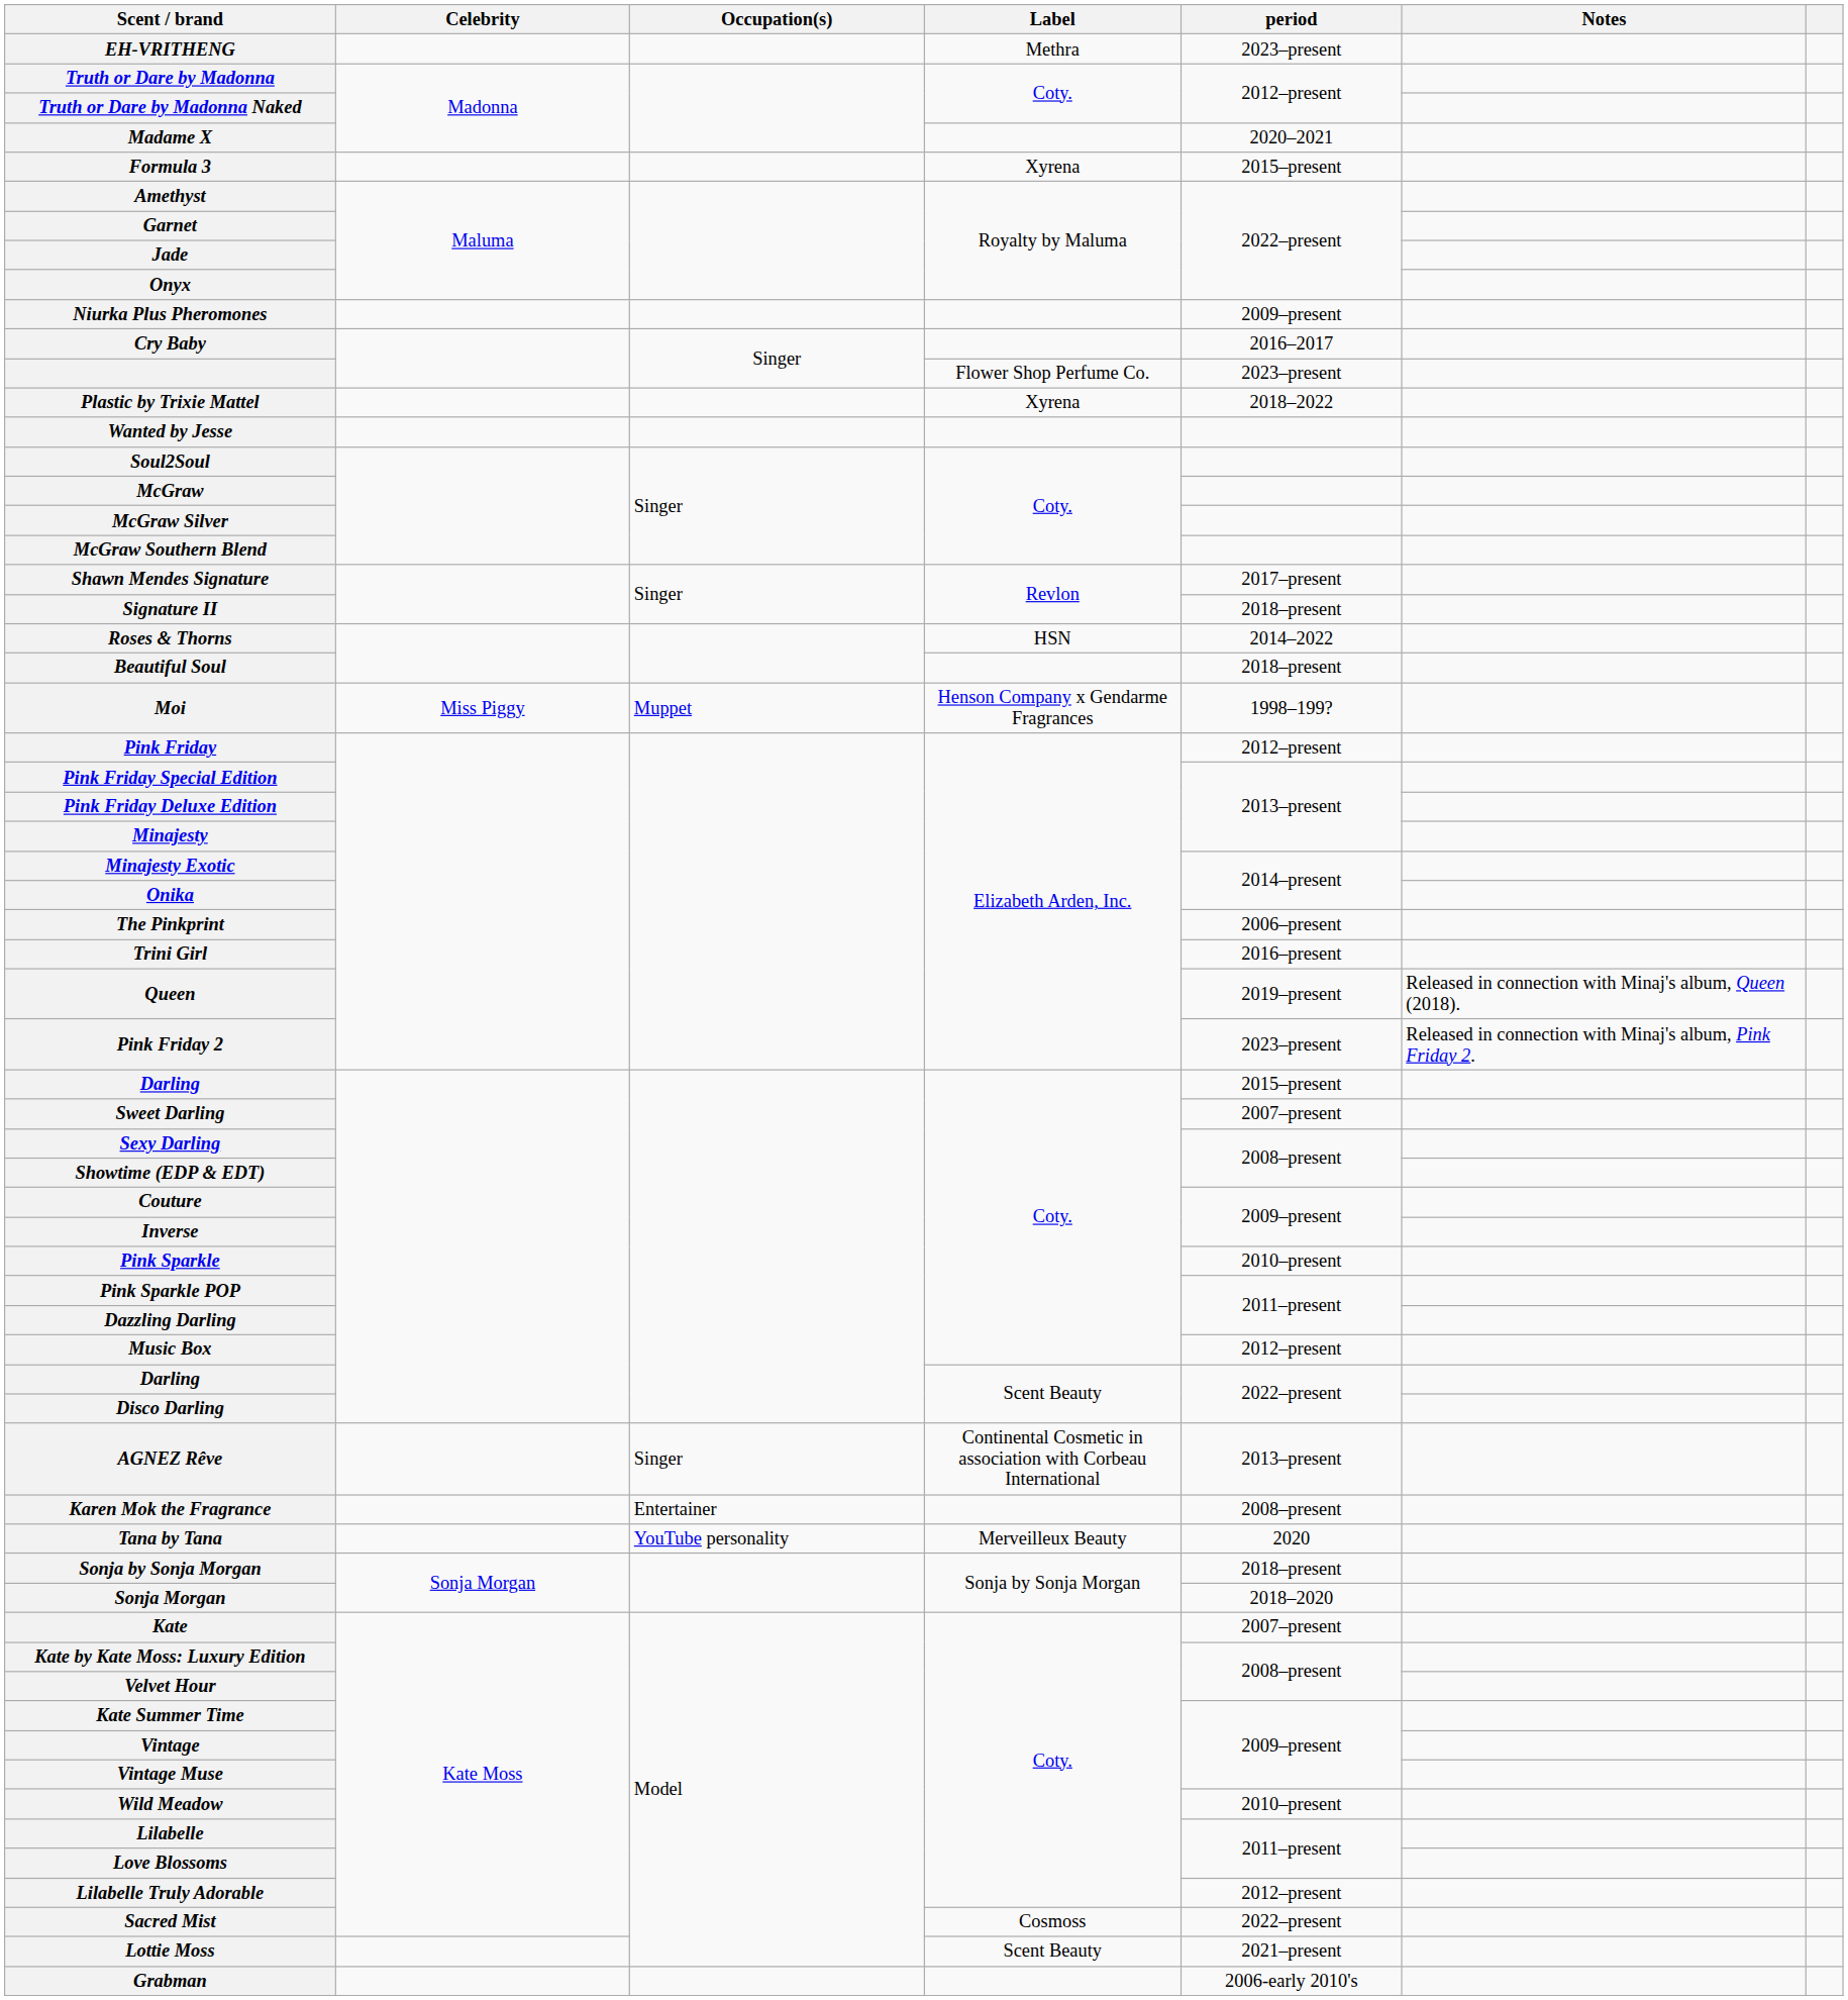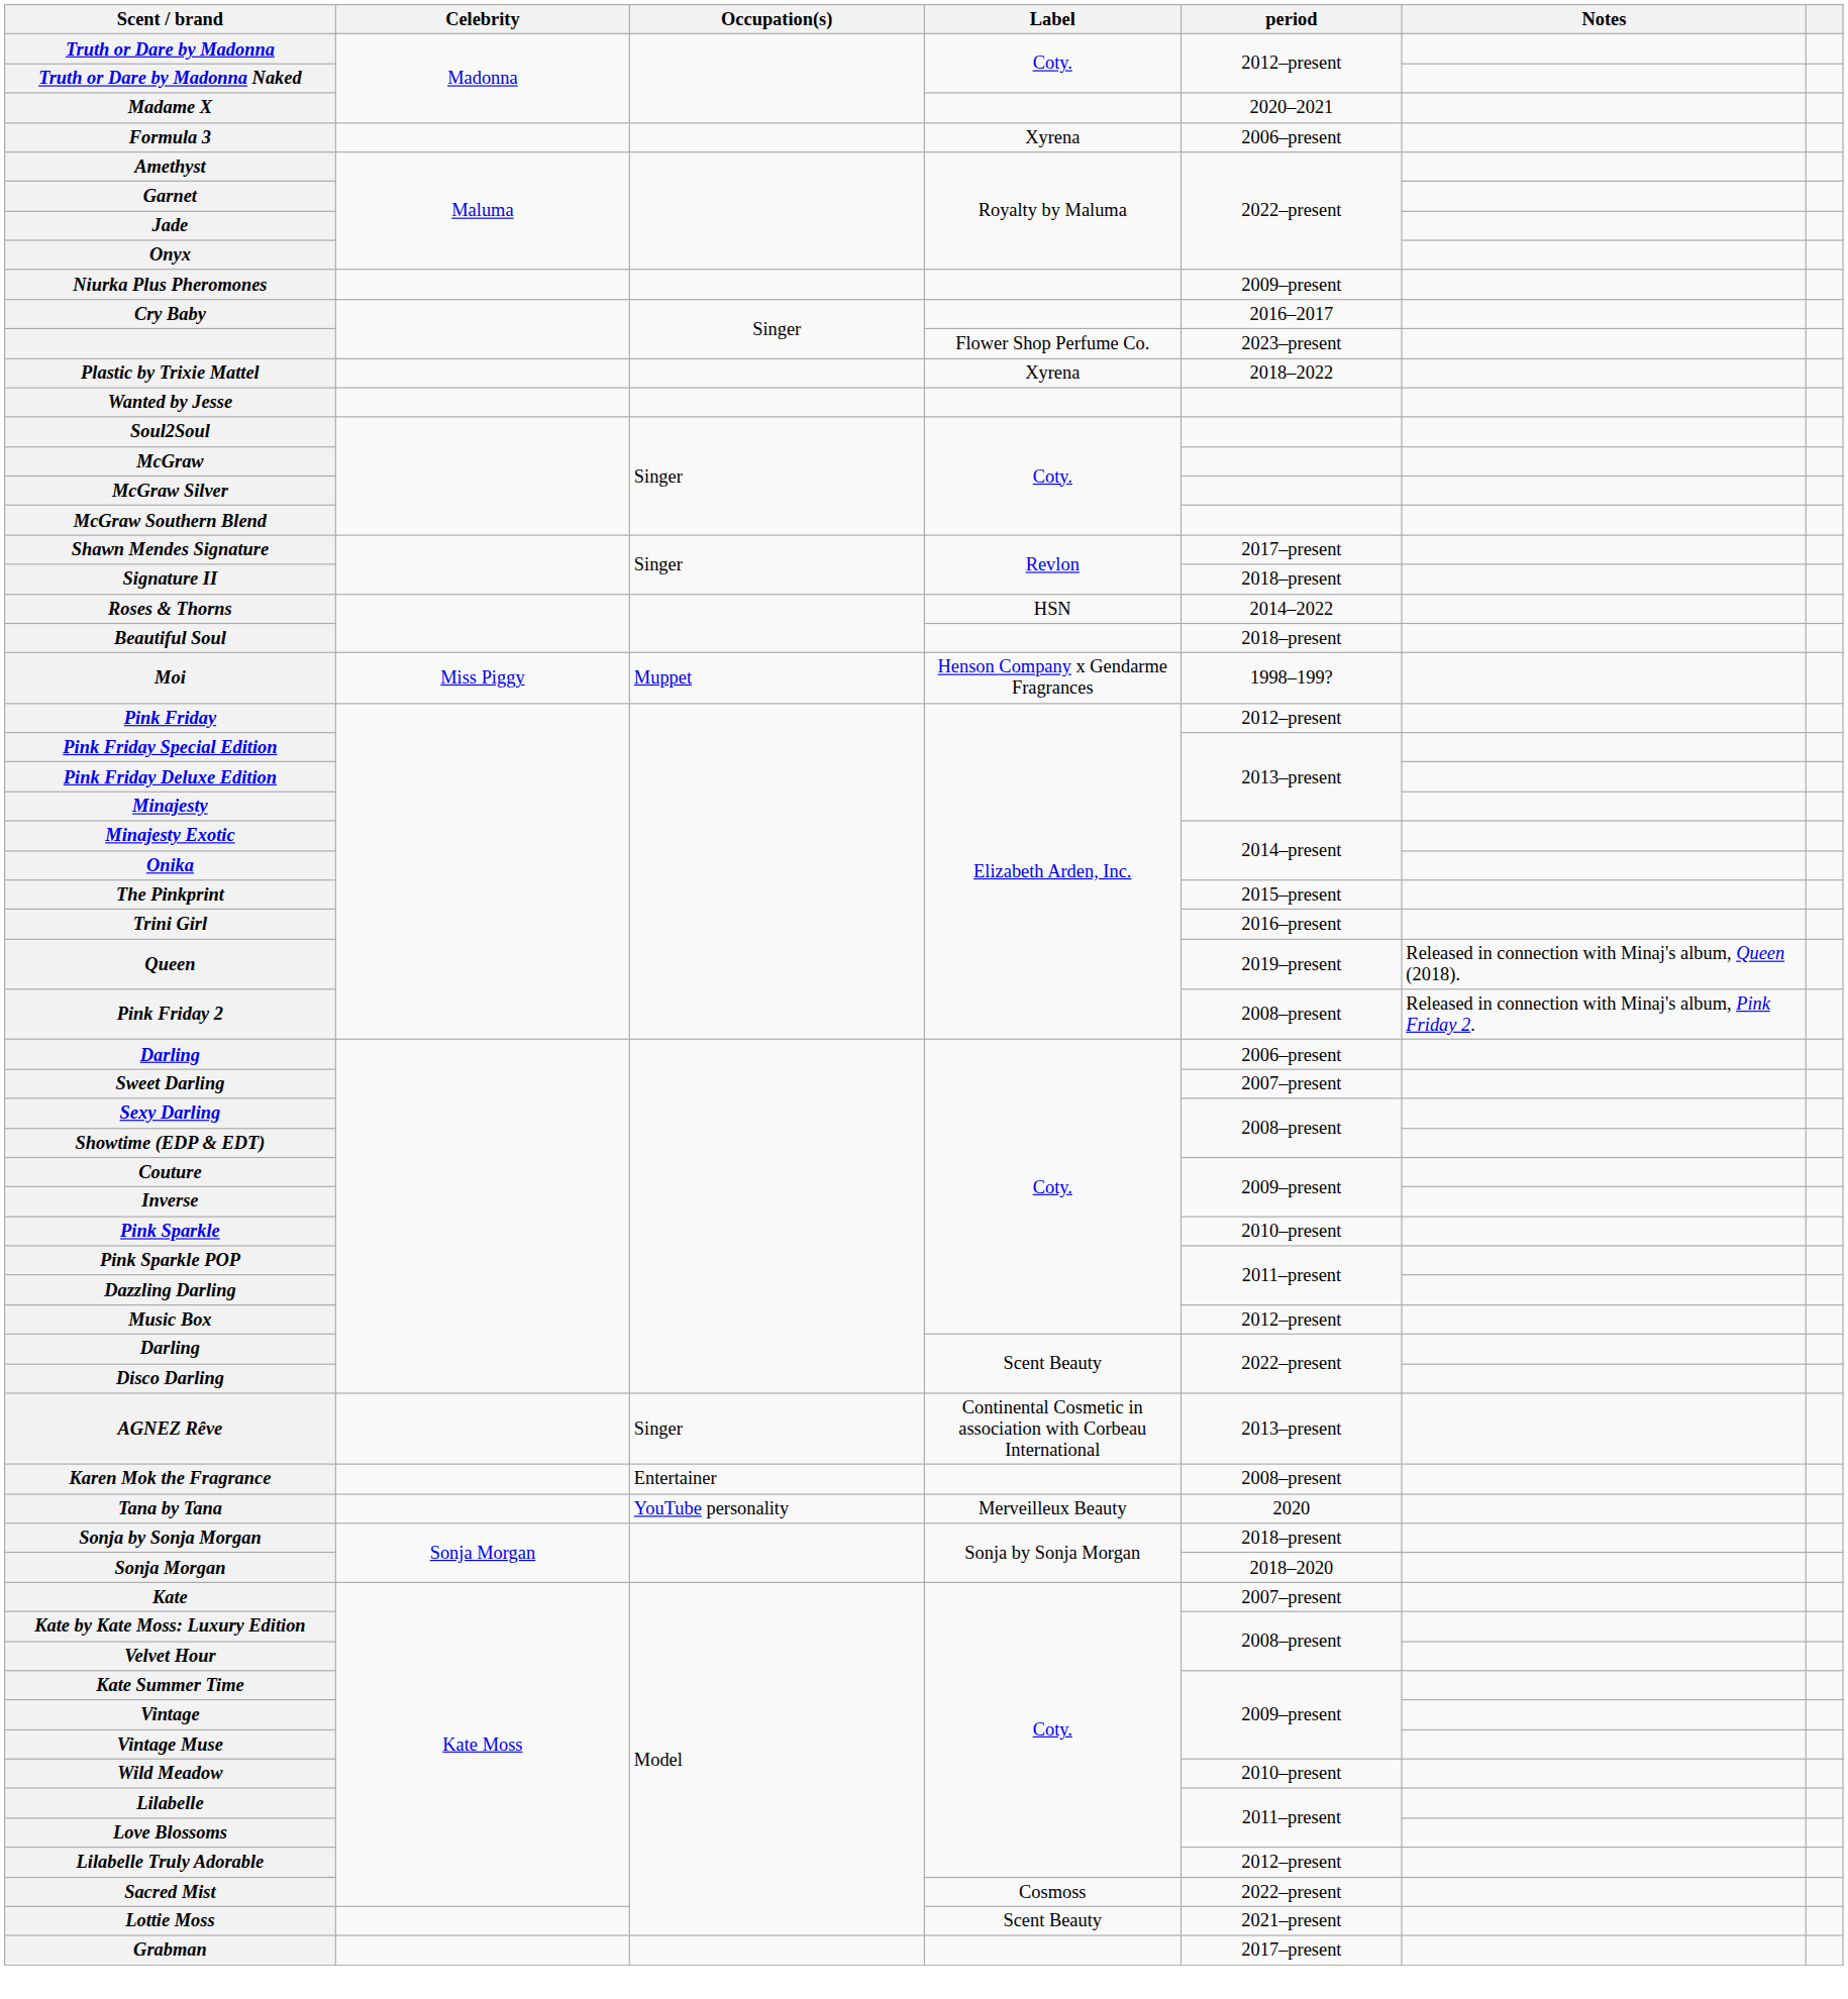 <table class="wikitable sortable plainrowheaders" font-size:95%; style="text-align:center;" width="100%;">
 <tr>
 <th scope="col" width="18%">Scent / brand</th>
 <th scope="col" width:"16%">Celebrity</th>
 <th scope="col" width="16%">Occupation(s)</th>
 <th scope="col" width="14%">Label</th>
 <th scope="col" width="12%"> period</th>
 <th scope="col" width="22%;" class="unsortable">Notes</th>
 <th scope="col" width="2%;" class="unsortable"></th>
-</tr>
-<tr>
-<th scope="row"><em>EH-VRITHENG</em></th>
-<td></td>
-<td></td>
-<td>Methra</td>
-<td>2023–present</td>
-<td style="text-align:left;"></td>
-<td></td>
 </tr>
 <tr>
 <th scope="row"><em><a href='#'>Truth or Dare by Madonna</a></em></th>
 <td rowspan="3"><a href='#'>Madonna</a></td>
 <td rowspan="3"></td>
 <td rowspan="2"><a href='#'>Coty.</a></td>
 <td rowspan="2">2012–present</td>
 <td style="text-align:left;"></td>
 <td></td>
 </tr>
 <tr>
 <th scope="row"><em><a href='#'>Truth or Dare by Madonna</a> Naked</em></th>
 <td style="text-align:left;"></td>
 <td></td>
 </tr>
 <tr>
 <th scope="row"><em>Madame X</em></th>
 <td></td>
 <td>2020–2021</td>
 <td style="text-align:left;"></td>
 <td></td>
 </tr>
 <tr>
 <th scope="row"><em>Formula 3</em></th>
 <td></td>
 <td></td>
 <td>Xyrena</td>
-<td>2015–present</td>
+<td>2006–present</td>
 <td style="text-align:left;"></td>
 <td></td>
 </tr>
 <tr>
 <th scope="row"><em>Amethyst</em></th>
 <td rowspan="4"><a href='#'>Maluma</a></td>
 <td rowspan="4"></td>
 <td rowspan="4">Royalty by Maluma</td>
 <td rowspan="4">2022–present</td>
 <td style="text-align:left;"></td>
 <td></td>
 </tr>
 <tr>
 <th scope="row"><em>Garnet</em></th>
 <td style="text-align:left;"></td>
 <td></td>
 </tr>
 <tr>
 <th scope="row"><em>Jade</em></th>
 <td style="text-align:left;"></td>
 <td></td>
 </tr>
 <tr>
 <th scope="row"><em>Onyx</em></th>
 <td style="text-align:left;"></td>
 <td></td>
 </tr>
 <tr>
 <th scope="row"><em>Niurka Plus Pheromones</em></th>
 <td></td>
 <td></td>
 <td></td>
 <td>2009–present</td>
 <td style="text-align:left;"></td>
 <td></td>
 </tr>
 <tr>
 <th scope="row"><em>Cry Baby</em></th>
 <td rowspan="2"></td>
 <td rowspan="2">Singer</td>
 <td></td>
 <td>2016–2017</td>
 <td style="text-align:left;"></td>
 <td></td>
 </tr>
 <tr>
 <th scope="row"></th>
 <td>Flower Shop Perfume Co.</td>
 <td>2023–present</td>
 <td style="text-align:left;"></td>
 <td></td>
 </tr>
 <tr>
 <th scope="row"><em>Plastic by Trixie Mattel</em></th>
 <td></td>
 <td></td>
 <td>Xyrena</td>
 <td>2018–2022</td>
 <td style="text-align:left;"></td>
 <td></td>
 </tr>
 <tr>
 <th scope="row"><em>Wanted by Jesse</em></th>
 <td></td>
 <td></td>
 <td></td>
 <td></td>
 <td style="text-align:left;"></td>
 <td></td>
 </tr>
 <tr>
 <th scope="row"><em>Soul2Soul</em></th>
 <td rowspan="4"></td>
 <td rowspan="4" style="text-align:left;">Singer</td>
 <td rowspan="4"><a href='#'>Coty.</a></td>
 <td></td>
 <td style="text-align:left;"></td>
 <td></td>
 </tr>
 <tr>
 <th scope="row"><em>McGraw</em></th>
 <td></td>
 <td style="text-align:left;"></td>
 <td></td>
 </tr>
 <tr>
 <th scope="row"><em>McGraw Silver</em></th>
 <td></td>
 <td style="text-align:left;"></td>
 <td></td>
 </tr>
 <tr>
 <th scope="row"><em>McGraw Southern Blend</em></th>
 <td></td>
 <td style="text-align:left;"></td>
 <td></td>
 </tr>
 <tr>
 <th scope="row"><em>Shawn Mendes Signature</em></th>
 <td rowspan="2"></td>
 <td rowspan="2" style="text-align:left;">Singer</td>
 <td rowspan="2"><a href='#'>Revlon</a></td>
 <td>2017–present</td>
 <td style="text-align:left;"></td>
 <td></td>
 </tr>
 <tr>
 <th scope="row"><em>Signature II</em></th>
 <td>2018–present</td>
 <td style="text-align:left;"></td>
 <td></td>
 </tr>
 <tr>
 <th scope="row"><em>Roses & Thorns</em></th>
 <td rowspan="2"></td>
 <td rowspan="2"></td>
 <td>HSN</td>
 <td>2014–2022</td>
 <td style="text-align:left;"></td>
 <td></td>
 </tr>
 <tr>
 <th scope="row"><em>Beautiful Soul</em></th>
 <td></td>
 <td>2018–present</td>
 <td style="text-align:left;"></td>
 <td></td>
 </tr>
 <tr>
 <th scope="row"><em>Moi</em></th>
 <td><a href='#'>Miss Piggy</a></td>
 <td style="text-align:left;"><a href='#'>Muppet</a></td>
 <td><a href='#'>Henson Company</a> x Gendarme Fragrances</td>
 <td>1998–199?</td>
 <td style="text-align:left;"></td>
 <td></td>
 </tr>
 <tr>
 <th scope="row"><em><a href='#'>Pink Friday</a></em></th>
 <td rowspan="10"></td>
 <td rowspan="10"></td>
 <td rowspan="10"><a href='#'>Elizabeth Arden, Inc.</a></td>
 <td>2012–present</td>
 <td style="text-align:left;"></td>
 <td></td>
 </tr>
 <tr>
 <th scope="row"><em><a href='#'>Pink Friday Special Edition</a></em></th>
 <td rowspan="3">2013–present</td>
 <td style="text-align:left;"></td>
 <td></td>
 </tr>
 <tr>
 <th scope="row"><em><a href='#'>Pink Friday Deluxe Edition</a></em></th>
 <td style="text-align:left;"></td>
 <td></td>
 </tr>
 <tr>
 <th scope="row"><em><a href='#'>Minajesty</a></em></th>
 <td style="text-align:left;"></td>
 <td></td>
 </tr>
 <tr>
 <th scope="row"><em><a href='#'>Minajesty Exotic</a></em></th>
 <td rowspan="2">2014–present</td>
 <td style="text-align:left;"></td>
 <td></td>
 </tr>
 <tr>
 <th scope="row"><em><a href='#'>Onika</a></em></th>
 <td style="text-align:left;"></td>
 <td></td>
 </tr>
 <tr>
 <th scope="row"><em>The Pinkprint</em></th>
-<td>2006–present</td>
+<td>2015–present</td>
 <td style="text-align:left;"></td>
 <td></td>
 </tr>
 <tr>
 <th scope="row"><em>Trini Girl</em></th>
 <td>2016–present</td>
 <td style="text-align:left;"></td>
 <td></td>
 </tr>
 <tr>
 <th scope="row"><em>Queen</em></th>
 <td>2019–present</td>
 <td style="text-align:left;">Released in connection with Minaj's album, <em><a href='#'>Queen</a></em> (2018).</td>
 <td></td>
 </tr>
 <tr>
 <th scope="row"><em>Pink Friday 2</em></th>
-<td>2023–present</td>
+<td>2008–present</td>
 <td style="text-align:left;">Released in connection with Minaj's album, <em><a href='#'>Pink Friday 2</a></em>.</td>
 <td></td>
 </tr>
 <tr>
 <th scope="row"><em><a href='#'>Darling</a></em></th>
 <td rowspan="12"></td>
 <td rowspan="12"></td>
 <td rowspan="10"><a href='#'>Coty.</a></td>
-<td>2015–present</td>
+<td>2006–present</td>
 <td style="text-align:left;"></td>
 <td></td>
 </tr>
 <tr>
 <th scope="row"><em>Sweet Darling</em></th>
 <td>2007–present</td>
 <td style="text-align:left;"></td>
 <td></td>
 </tr>
 <tr>
 <th scope="row"><em><a href='#'>Sexy Darling</a></em></th>
 <td rowspan="2">2008–present</td>
 <td style="text-align:left;"></td>
 <td></td>
 </tr>
 <tr>
 <th scope="row"><em>Showtime (EDP & EDT)</em></th>
 <td style="text-align:left;"></td>
 <td></td>
 </tr>
 <tr>
 <th scope="row"><em>Couture</em></th>
 <td rowspan="2">2009–present</td>
 <td style="text-align:left;"></td>
 <td></td>
 </tr>
 <tr>
 <th scope="row"><em>Inverse</em></th>
 <td style="text-align:left;"></td>
 <td></td>
 </tr>
 <tr>
 <th scope="row"><em><a href='#'>Pink Sparkle</a></em></th>
 <td>2010–present</td>
 <td style="text-align:left;"></td>
 <td></td>
 </tr>
 <tr>
 <th scope="row"><em>Pink Sparkle POP</em></th>
 <td rowspan="2">2011–present</td>
 <td style="text-align:left;"></td>
 <td></td>
 </tr>
 <tr>
 <th scope="row"><em>Dazzling Darling</em></th>
 <td style="text-align:left;"></td>
 <td></td>
 </tr>
 <tr>
 <th scope="row"><em>Music Box</em></th>
 <td>2012–present</td>
 <td style="text-align:left;"></td>
 <td></td>
 </tr>
 <tr>
 <th scope="row"><em>Darling</em></th>
 <td rowspan="2">Scent Beauty</td>
 <td rowspan="2">2022–present</td>
 <td style="text-align:left;"></td>
 <td></td>
 </tr>
 <tr>
 <th scope="row"><em>Disco Darling</em></th>
 <td style="text-align:left;"></td>
 <td></td>
 </tr>
 <tr>
 <th scope="row"><em>AGNEZ Rêve</em></th>
 <td></td>
 <td style="text-align:left;">Singer</td>
 <td>Continental Cosmetic in association with Corbeau International</td>
 <td>2013–present</td>
 <td style="text-align:left;"></td>
 <td></td>
 </tr>
 <tr>
 <th scope="row"><em>Karen Mok the Fragrance</em></th>
 <td></td>
 <td style="text-align:left;">Entertainer</td>
 <td></td>
 <td>2008–present</td>
 <td style="text-align:left;"></td>
 <td></td>
 </tr>
 <tr>
 <th scope="row"><em>Tana by Tana</em></th>
 <td></td>
 <td style="text-align:left;"><a href='#'>YouTube</a> personality</td>
 <td>Merveilleux Beauty</td>
 <td>2020</td>
 <td style="text-align:left;"></td>
 <td></td>
 </tr>
 <tr>
 <th scope="row"><em>Sonja by Sonja Morgan</em></th>
 <td rowspan="2"><a href='#'>Sonja Morgan</a></td>
 <td rowspan="2"></td>
 <td rowspan="2">Sonja by Sonja Morgan</td>
 <td>2018–present</td>
 <td style="text-align:left;"></td>
 <td></td>
 </tr>
 <tr>
 <th scope="row"><em>Sonja Morgan</em></th>
 <td>2018–2020</td>
 <td style="text-align:left;"></td>
 <td></td>
 </tr>
 <tr>
 <th scope="row"><em>Kate</em></th>
 <td rowspan="11"><a href='#'>Kate Moss</a></td>
 <td rowspan="12" style="text-align:left;">Model</td>
 <td rowspan="10"><a href='#'>Coty.</a></td>
 <td>2007–present</td>
 <td style="text-align:left;"></td>
 <td></td>
 </tr>
 <tr>
 <th scope="row"><em>Kate by Kate Moss: Luxury Edition</em></th>
 <td rowspan="2">2008–present</td>
 <td style="text-align:left;"></td>
 <td></td>
 </tr>
 <tr>
 <th scope="row"><em>Velvet Hour</em></th>
 <td style="text-align:left;"></td>
 <td></td>
 </tr>
 <tr>
 <th scope="row"><em>Kate Summer Time</em></th>
 <td rowspan="3">2009–present</td>
 <td style="text-align:left;"></td>
 <td></td>
 </tr>
 <tr>
 <th scope="row"><em>Vintage</em></th>
 <td style="text-align:left;"></td>
 <td></td>
 </tr>
 <tr>
 <th scope="row"><em>Vintage Muse</em></th>
 <td style="text-align:left;"></td>
 <td></td>
 </tr>
 <tr>
 <th scope="row"><em>Wild Meadow</em></th>
 <td>2010–present</td>
 <td style="text-align:left;"></td>
 <td></td>
 </tr>
 <tr>
 <th scope="row"><em>Lilabelle</em></th>
 <td rowspan="2">2011–present</td>
 <td style="text-align:left;"></td>
 <td></td>
 </tr>
 <tr>
 <th scope="row"><em>Love Blossoms</em></th>
 <td style="text-align:left;"></td>
 <td></td>
 </tr>
 <tr>
 <th scope="row"><em>Lilabelle Truly Adorable</em></th>
 <td>2012–present</td>
 <td style="text-align:left;"></td>
 <td></td>
 </tr>
 <tr>
 <th scope="row"><em>Sacred Mist</em></th>
 <td rowspan="1">Cosmoss</td>
 <td rowspan="1">2022–present</td>
 <td style="text-align:left;"></td>
 <td></td>
 </tr>
 <tr>
 <th scope="row"><em>Lottie Moss</em></th>
 <td></td>
 <td>Scent Beauty</td>
 <td>2021–present</td>
 <td style="text-align:left;"></td>
 <td></td>
 </tr>
 <tr>
 <th scope="row"><em>Grabman</em></th>
 <td></td>
 <td></td>
 <td></td>
-<td>2006-early 2010's</td>
+<td>2017–present</td>
 <td style="text-align:left;"></td>
 <td></td>
 </tr>
 <tr>
 </tr>
 </table>
